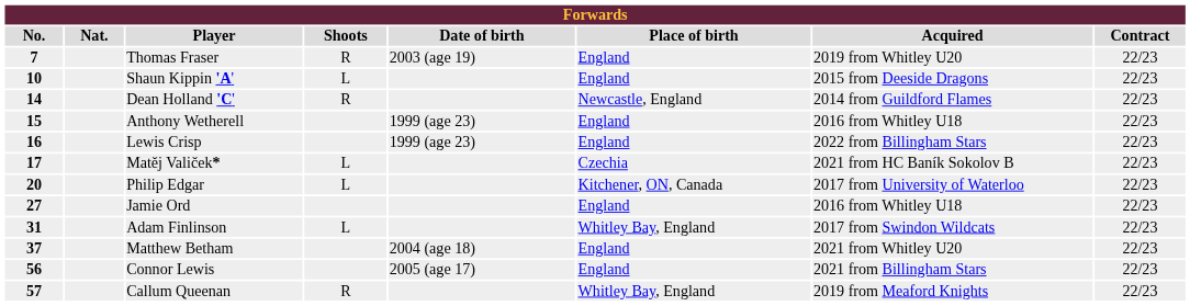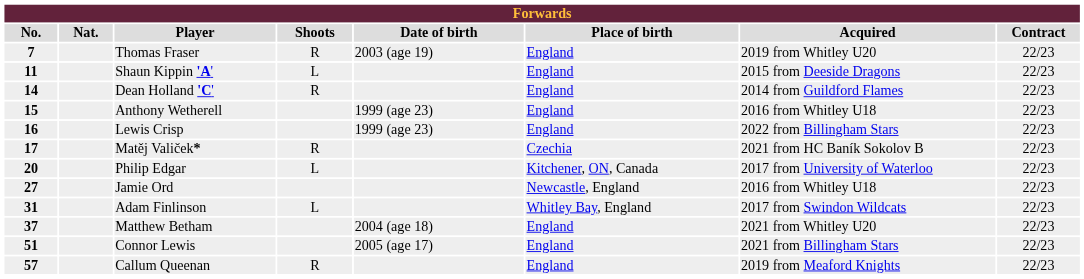 <table class="toccolours"  style="width:97%; clear:both; margin:1.5em auto; text-align:center;">
 <tr style="background:#ddd;">
 <th colspan="11" style="background:#62223b; color:#ffbf3a;”">Forwards</th>
 </tr>
 <tr style="background:#ddd;">
 <th width=5%>No.</th>
 <th width=5%>Nat.</th>
 <th !width=22%>Player</th>
 <th width=7%>Shoots</th>
 <th width=16%>Date of birth</th>
 <th width=20%>Place of birth</th>
 <th width=24%>Acquired</th>
 <td><strong>Contract</strong></td>
 </tr>
 <tr style="background:#eee;">
 <td><strong>7</strong></td>
 <td></td>
 <td align=left>Thomas Fraser</td>
 <td>R</td>
 <td align=left>2003 (age 19)</td>
 <td align=left><a href='#'>England</a></td>
 <td align=left>2019 from Whitley U20</td>
 <td>22/23</td>
 </tr>
 <tr style="background:#eee;">
-<td><strong>10</strong></td>
+<td><strong>11</strong></td>
 <td></td>
 <td align=left>Shaun Kippin <a href='#'><strong>'A</strong>'</a></td>
 <td>L</td>
 <td align=left></td>
 <td align=left><a href='#'>England</a></td>
 <td align=left>2015 from <a href='#'>Deeside Dragons</a></td>
 <td>22/23</td>
 </tr>
 <tr style="background:#eee;">
 <td><strong>14</strong></td>
 <td></td>
 <td align=left>Dean Holland <a href='#'><strong>'C</strong>'</a></td>
 <td>R</td>
 <td align=left></td>
-<td align=left><a href='#'>Newcastle</a>, England</td>
+<td align=left><a href='#'>England</a></td>
 <td align=left>2014 from <a href='#'>Guildford Flames</a></td>
 <td>22/23</td>
 </tr>
 <tr style="background:#eee;">
 <td><strong>15</strong></td>
 <td></td>
 <td align=left>Anthony Wetherell</td>
 <td></td>
 <td align=left>1999 (age 23)</td>
 <td align=left><a href='#'>England</a></td>
 <td align=left>2016 from Whitley U18</td>
 <td>22/23</td>
 </tr>
 <tr style="background:#eee;">
 <td><strong>16</strong></td>
 <td></td>
 <td align=left>Lewis Crisp</td>
 <td></td>
 <td align=left>1999 (age 23)</td>
 <td align=left><a href='#'>England</a></td>
 <td align=left>2022 from <a href='#'>Billingham Stars</a></td>
 <td>22/23</td>
 </tr>
 <tr style="background:#eee;">
 <td><strong>17</strong></td>
 <td></td>
 <td align=left>Matěj Valiček<strong>*</strong></td>
-<td>L</td>
+<td>R</td>
 <td align=left></td>
 <td align=left><a href='#'>Czechia</a></td>
 <td align=left>2021 from HC Baník Sokolov B</td>
 <td>22/23</td>
 </tr>
 <tr style="background:#eee;">
 <td><strong>20</strong></td>
 <td></td>
 <td align=left>Philip Edgar</td>
 <td>L</td>
 <td align=left></td>
 <td align=left><a href='#'>Kitchener</a>, <a href='#'>ON</a>, Canada</td>
 <td align=left>2017 from <a href='#'>University of Waterloo</a></td>
 <td>22/23</td>
 </tr>
 <tr style="background:#eee;">
 <td><strong>27</strong></td>
 <td></td>
 <td align=left>Jamie Ord</td>
 <td></td>
 <td align=left></td>
-<td align=left><a href='#'>England</a></td>
+<td align=left><a href='#'>Newcastle</a>, England</td>
 <td align=left>2016 from Whitley U18</td>
 <td>22/23</td>
 </tr>
 <tr style="background:#eee;">
 <td><strong>31</strong></td>
 <td></td>
 <td align=left>Adam Finlinson</td>
 <td>L</td>
 <td align=left></td>
 <td align=left><a href='#'>Whitley Bay</a>, England</td>
 <td align=left>2017 from <a href='#'>Swindon Wildcats</a></td>
 <td>22/23</td>
 </tr>
 <tr style="background:#eee;">
 <td><strong>37</strong></td>
 <td></td>
 <td align=left>Matthew Betham</td>
 <td></td>
 <td align=left>2004 (age 18)</td>
 <td align=left><a href='#'>England</a></td>
 <td align=left>2021 from Whitley U20</td>
 <td>22/23</td>
 </tr>
 <tr style="background:#eee;">
-<td><strong>56</strong></td>
+<td><strong>51</strong></td>
 <td></td>
 <td align=left>Connor Lewis</td>
 <td></td>
 <td align=left>2005 (age 17)</td>
 <td align=left><a href='#'>England</a></td>
 <td align=left>2021 from <a href='#'>Billingham Stars</a></td>
 <td>22/23</td>
 </tr>
 <tr style="background:#eee;">
 <td><strong>57</strong></td>
 <td></td>
 <td align=left>Callum Queenan</td>
 <td>R</td>
 <td align=left></td>
-<td align=left><a href='#'>Whitley Bay</a>, England</td>
+<td align=left><a href='#'>England</a></td>
 <td align=left>2019 from <a href='#'>Meaford Knights</a></td>
 <td>22/23</td>
 </tr>
 </table>
